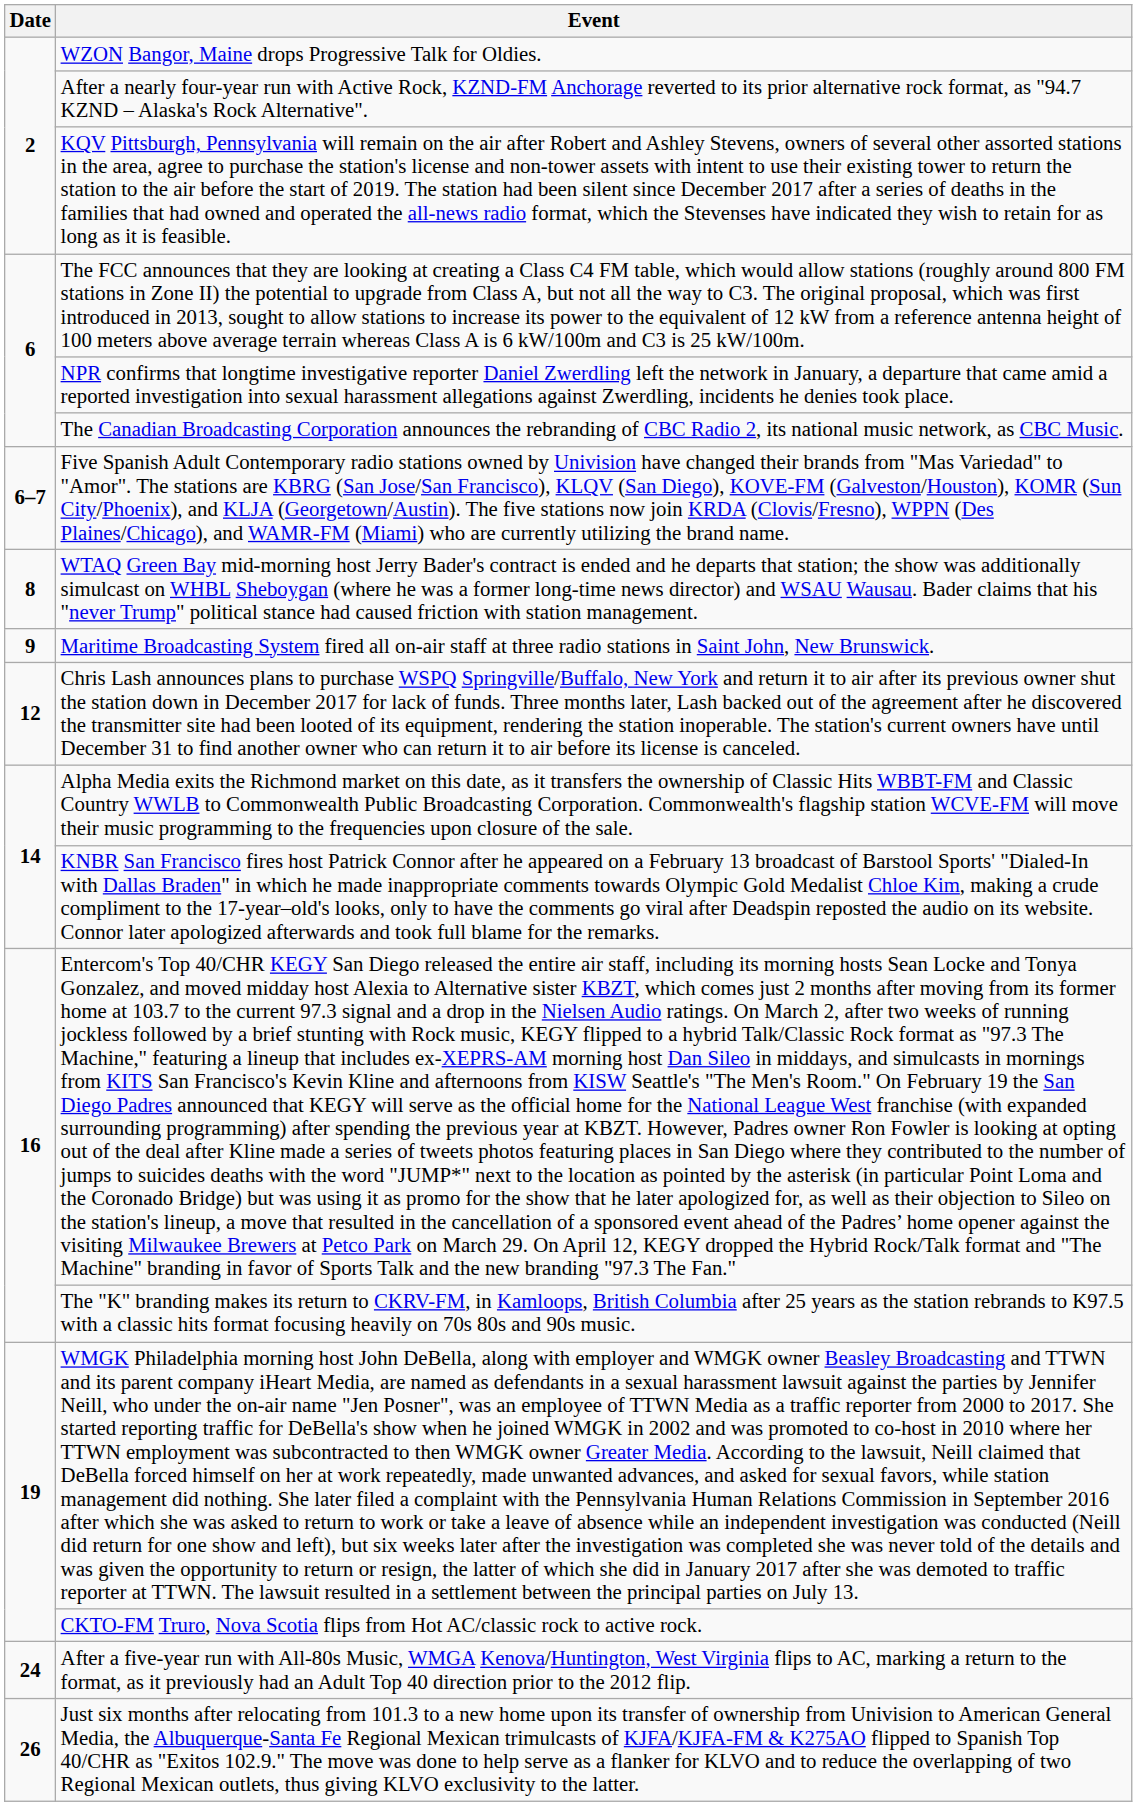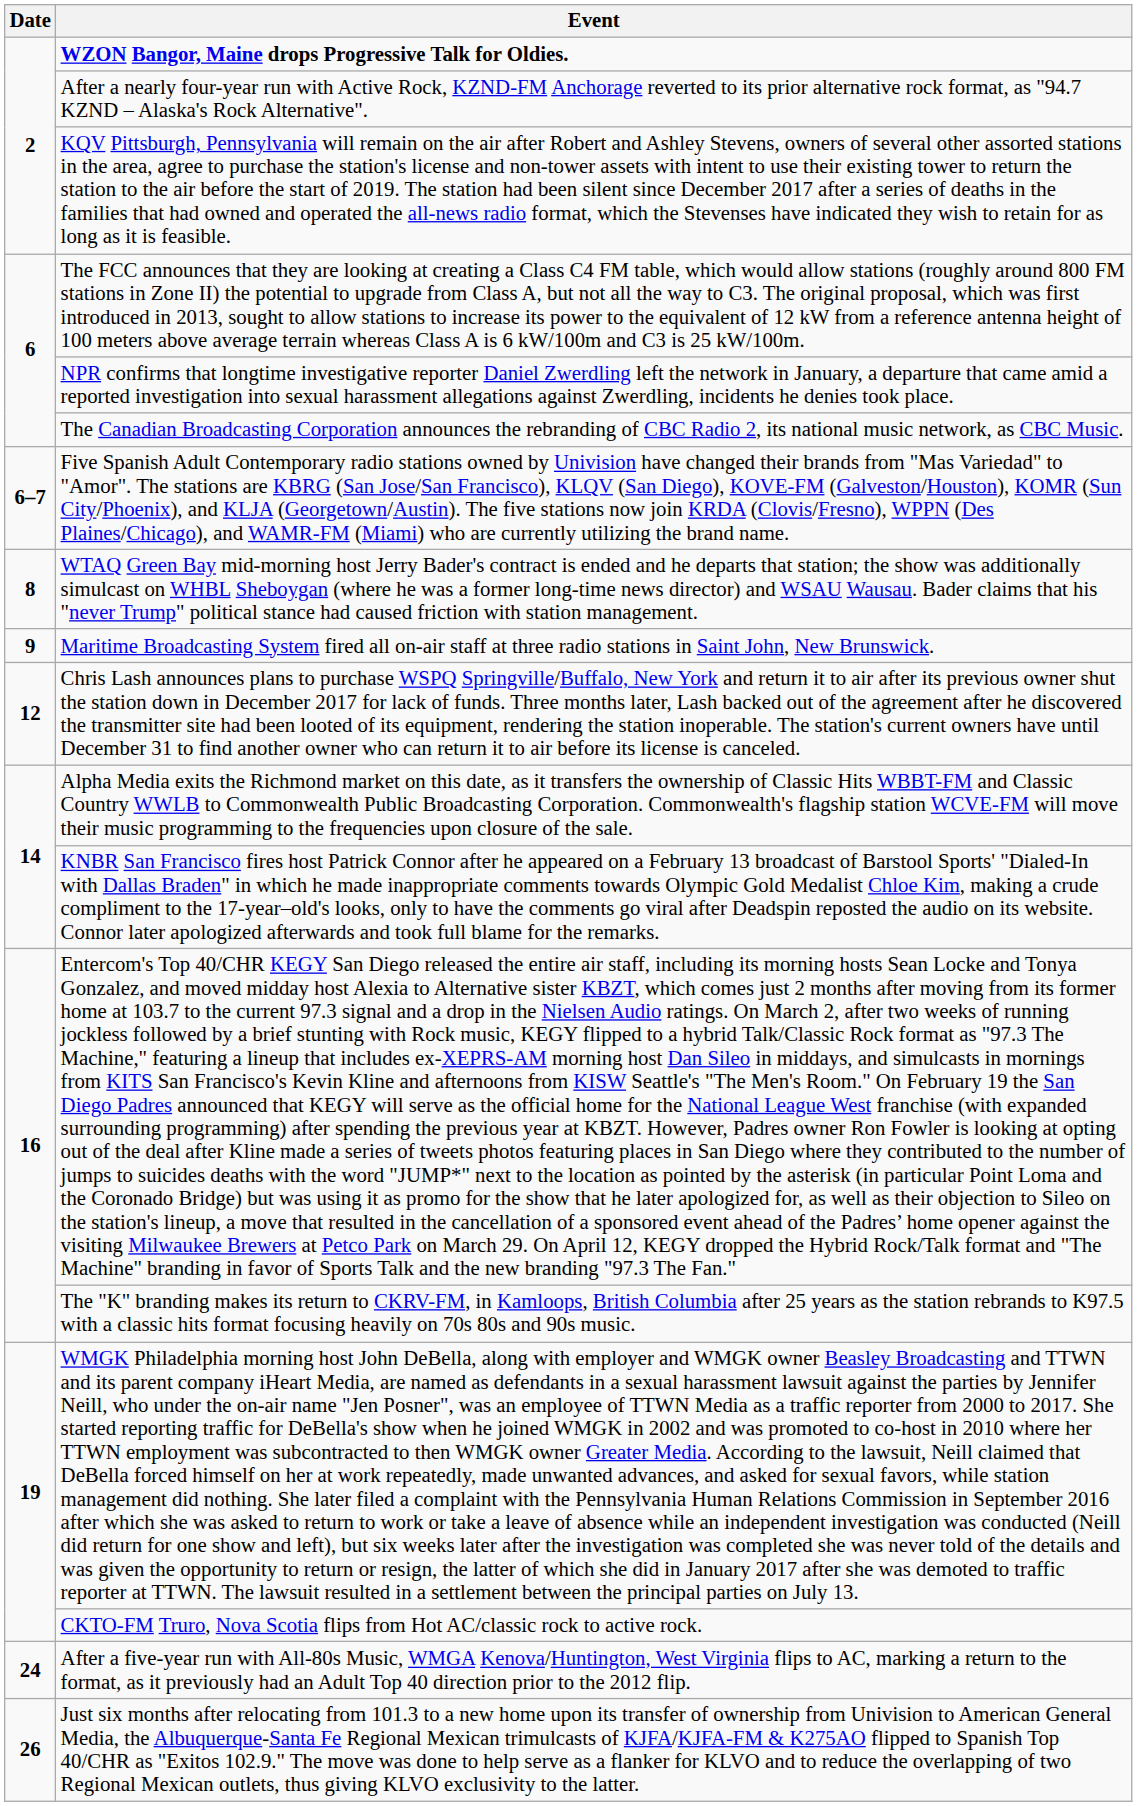 <table class="wikitable">
 <tr>
 <th>Date</th>
 <th>Event</th>
 </tr>
 <tr>
 <td style="text-align:center;" rowspan=3><strong>2</strong></td>
-<td><a href='#'>WZON</a> <a href='#'>Bangor, Maine</a> drops Progressive Talk for Oldies.</td>
+<td><strong><a href='#'>WZON</a> <a href='#'>Bangor, Maine</a> drops Progressive Talk for Oldies.</strong></td>
 </tr>
 <tr>
 <td>After a nearly four-year run with Active Rock, <a href='#'>KZND-FM</a> <a href='#'>Anchorage</a> reverted to its prior alternative rock format, as "94.7 KZND – Alaska's Rock Alternative".</td>
 </tr>
 <tr>
 <td><a href='#'>KQV</a> <a href='#'>Pittsburgh, Pennsylvania</a> will remain on the air after Robert and Ashley Stevens, owners of several other assorted stations in the area, agree to purchase the station's license and non-tower assets with intent to use their existing tower to return the station to the air before the start of 2019. The station had been silent since December 2017 after a series of deaths in the families that had owned and operated the <a href='#'>all-news radio</a> format, which the Stevenses have indicated they wish to retain for as long as it is feasible.</td>
 </tr>
 <tr>
 <td style="text-align:center;" rowspan="3"><strong>6</strong></td>
 <td>The FCC announces that they are looking at creating a Class C4 FM table, which would allow stations (roughly around 800 FM stations in Zone II) the potential to upgrade from Class A, but not all the way to C3. The original proposal, which was first introduced in 2013, sought to allow stations to increase its power to the equivalent of 12 kW from a reference antenna height of 100 meters above average terrain whereas Class A is 6 kW/100m and C3 is 25 kW/100m.</td>
 </tr>
 <tr>
 <td><a href='#'>NPR</a> confirms that longtime investigative reporter <a href='#'>Daniel Zwerdling</a> left the network in January, a departure that came amid a reported investigation into sexual harassment allegations against Zwerdling, incidents he denies took place.</td>
 </tr>
 <tr>
 <td>The <a href='#'>Canadian Broadcasting Corporation</a> announces the rebranding of <a href='#'>CBC Radio 2</a>, its national music network, as <a href='#'>CBC Music</a>.</td>
 </tr>
 <tr>
 <td style="text-align:center;"><strong>6–7</strong></td>
 <td>Five Spanish Adult Contemporary radio stations owned by <a href='#'>Univision</a> have changed their brands from "Mas Variedad" to "Amor". The stations are <a href='#'>KBRG</a> (<a href='#'>San Jose</a>/<a href='#'>San Francisco</a>), <a href='#'>KLQV</a> (<a href='#'>San Diego</a>), <a href='#'>KOVE-FM</a> (<a href='#'>Galveston</a>/<a href='#'>Houston</a>), <a href='#'>KOMR</a> (<a href='#'>Sun City</a>/<a href='#'>Phoenix</a>), and <a href='#'>KLJA</a> (<a href='#'>Georgetown</a>/<a href='#'>Austin</a>). The five stations now join <a href='#'>KRDA</a> (<a href='#'>Clovis</a>/<a href='#'>Fresno</a>), <a href='#'>WPPN</a> (<a href='#'>Des Plaines</a>/<a href='#'>Chicago</a>), and <a href='#'>WAMR-FM</a> (<a href='#'>Miami</a>) who are currently utilizing the brand name.</td>
 </tr>
 <tr>
 <td style="text-align:center;"><strong>8</strong></td>
 <td><a href='#'>WTAQ</a> <a href='#'>Green Bay</a> mid-morning host Jerry Bader's contract is ended and he departs that station; the show was additionally simulcast on <a href='#'>WHBL</a> <a href='#'>Sheboygan</a> (where he was a former long-time news director) and <a href='#'>WSAU</a> <a href='#'>Wausau</a>. Bader claims that his "<a href='#'>never Trump</a>" political stance had caused friction with station management.</td>
 </tr>
 <tr>
 <td style="text-align:center;"><strong>9</strong></td>
 <td><a href='#'>Maritime Broadcasting System</a> fired all on-air staff at three radio stations in <a href='#'>Saint John</a>, <a href='#'>New Brunswick</a>.</td>
 </tr>
 <tr>
 <td style="text-align:center;"><strong>12</strong></td>
 <td>Chris Lash announces plans to purchase <a href='#'>WSPQ</a> <a href='#'>Springville</a>/<a href='#'>Buffalo, New York</a> and return it to air after its previous owner shut the station down in December 2017 for lack of funds. Three months later, Lash backed out of the agreement after he discovered the transmitter site had been looted of its equipment, rendering the station inoperable. The station's current owners have until December 31 to find another owner who can return it to air before its license is canceled.</td>
 </tr>
 <tr>
 <td style="text-align:center;" rowspan=2><strong>14</strong></td>
 <td>Alpha Media exits the Richmond market on this date, as it transfers the ownership of Classic Hits <a href='#'>WBBT-FM</a> and Classic Country <a href='#'>WWLB</a> to Commonwealth Public Broadcasting Corporation. Commonwealth's flagship station <a href='#'>WCVE-FM</a> will move their music programming to the frequencies upon closure of the sale.</td>
 </tr>
 <tr>
 <td><a href='#'>KNBR</a> <a href='#'>San Francisco</a> fires host Patrick Connor after he appeared on a February 13 broadcast of Barstool Sports' "Dialed-In with <a href='#'>Dallas Braden</a>" in which he made inappropriate comments towards Olympic Gold Medalist <a href='#'>Chloe Kim</a>, making a crude compliment to the 17-year–old's looks, only to have the comments go viral after Deadspin reposted the audio on its website. Connor later apologized afterwards and took full blame for the remarks.</td>
 </tr>
 <tr>
 <td style="text-align:center;" rowspan=2><strong>16</strong></td>
 <td>Entercom's Top 40/CHR <a href='#'>KEGY</a> San Diego released the entire air staff, including its morning hosts Sean Locke and Tonya Gonzalez, and moved midday host Alexia to Alternative sister <a href='#'>KBZT</a>, which comes just 2 months after moving from its former home at 103.7 to the current 97.3 signal and a drop in the <a href='#'>Nielsen Audio</a> ratings. On March 2, after two weeks of running jockless followed by a brief stunting with Rock music, KEGY flipped to a hybrid Talk/Classic Rock format as "97.3 The Machine," featuring a lineup that includes ex-<a href='#'>XEPRS-AM</a> morning host <a href='#'>Dan Sileo</a> in middays, and simulcasts in mornings from <a href='#'>KITS</a> San Francisco's Kevin Kline and afternoons from <a href='#'>KISW</a> Seattle's "The Men's Room." On February 19 the <a href='#'>San Diego Padres</a> announced that KEGY will serve as the official home for the <a href='#'>National League West</a> franchise (with expanded surrounding programming) after spending the previous year at KBZT. However, Padres owner Ron Fowler is looking at opting out of the deal after Kline made a series of tweets photos featuring places in San Diego where they contributed to the number of jumps to suicides deaths with the word "JUMP*" next to the location  as pointed by the asterisk (in particular Point Loma and the Coronado Bridge) but was using it as promo for the show that he later apologized for, as well as their objection to Sileo on the station's lineup, a move that resulted in the cancellation of a sponsored event ahead of the Padres’ home opener against the visiting <a href='#'>Milwaukee Brewers</a> at <a href='#'>Petco Park</a> on March 29. On April 12, KEGY dropped the Hybrid Rock/Talk format and "The Machine" branding in favor of Sports Talk and the new branding "97.3 The Fan."</td>
 </tr>
 <tr>
 <td>The "K" branding makes its return to <a href='#'>CKRV-FM</a>, in <a href='#'>Kamloops</a>, <a href='#'>British Columbia</a> after 25 years as the station rebrands to K97.5 with a classic hits format focusing heavily on 70s 80s and 90s music.</td>
 </tr>
 <tr>
 <td style="text-align:center;" rowspan=2><strong>19</strong></td>
 <td><a href='#'>WMGK</a> Philadelphia morning host John DeBella, along with employer and WMGK owner <a href='#'>Beasley Broadcasting</a> and TTWN and its parent company iHeart Media, are named as defendants in a sexual harassment lawsuit against the parties by Jennifer Neill, who under the on-air name "Jen Posner", was an employee of TTWN Media as a traffic reporter from 2000 to 2017. She started reporting traffic for DeBella's show when he joined WMGK in 2002 and was promoted to co-host in 2010 where her TTWN employment was subcontracted to then WMGK owner <a href='#'>Greater Media</a>. According to the lawsuit, Neill claimed that DeBella forced himself on her at work repeatedly, made unwanted advances, and asked for sexual favors, while station management did nothing. She later filed a complaint with the Pennsylvania Human Relations Commission in September 2016 after which she was asked to return to work or take a leave of absence while an independent investigation was conducted (Neill did return for one show and left), but six weeks later after the investigation was completed she was never told of the details and was given the opportunity to return or resign, the latter of which she did in January 2017 after she was demoted to traffic reporter at TTWN. The lawsuit resulted in a settlement between the principal parties on July 13.</td>
 </tr>
 <tr>
 <td><a href='#'>CKTO-FM</a> <a href='#'>Truro</a>, <a href='#'>Nova Scotia</a> flips from Hot AC/classic rock to active rock.</td>
 </tr>
 <tr>
 <td style="text-align:center;"><strong>24</strong></td>
 <td>After a five-year run with All-80s Music, <a href='#'>WMGA</a> <a href='#'>Kenova</a>/<a href='#'>Huntington, West Virginia</a> flips to AC, marking a return to the format, as it previously had an Adult Top 40 direction prior to the 2012 flip.</td>
 </tr>
 <tr>
 <td style="text-align:center;"><strong>26</strong></td>
 <td>Just six months after relocating from 101.3 to a new home upon its transfer of ownership from Univision to American General Media, the <a href='#'>Albuquerque</a>-<a href='#'>Santa Fe</a> Regional Mexican trimulcasts of <a href='#'>KJFA</a>/<a href='#'>KJFA-FM & K275AO</a> flipped to Spanish Top 40/CHR as "Exitos 102.9." The move was done to help serve as a flanker for KLVO and to reduce the overlapping of two Regional Mexican outlets, thus giving KLVO exclusivity to the latter.</td>
 </tr>
 </table>
